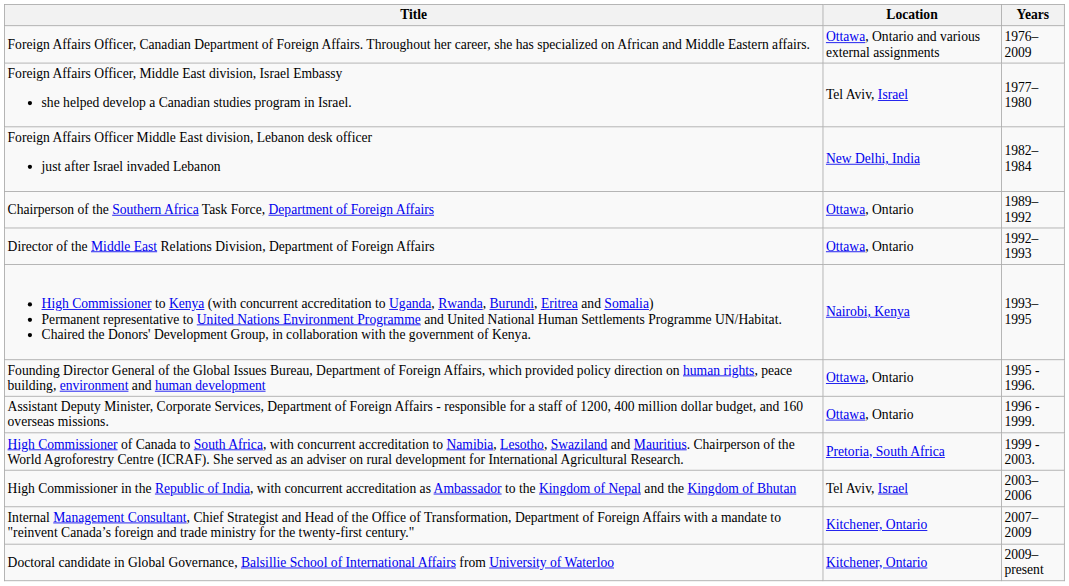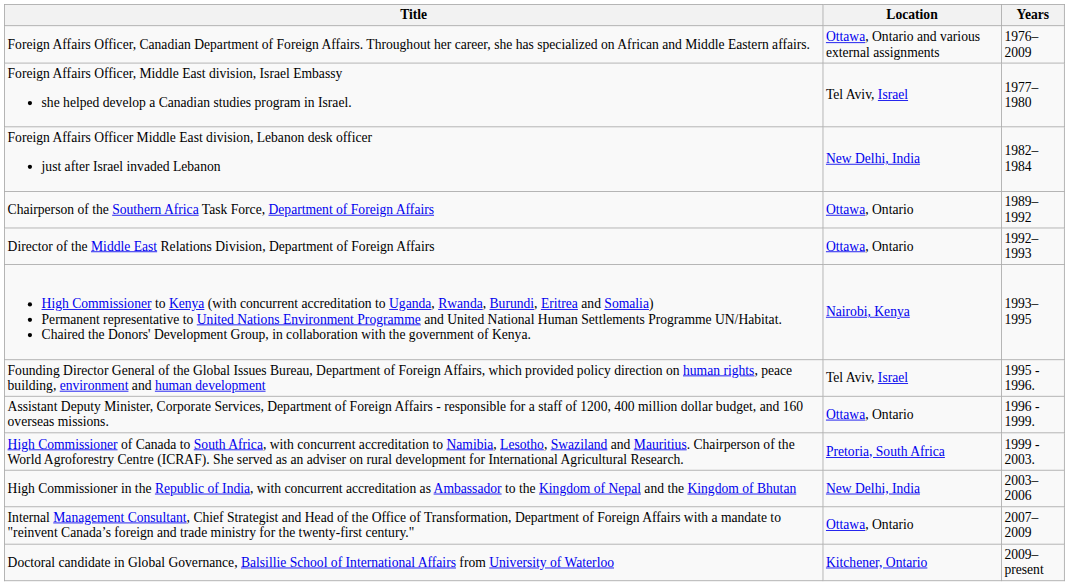 <table class="wikitable">
 <tr>
 <th>Title</th>
 <th>Location</th>
 <th>Years</th>
 </tr>
 <tr>
 <td>Foreign Affairs Officer, Canadian Department of Foreign Affairs. Throughout her career, she has specialized on African and Middle Eastern affairs.</td>
 <td><a href='#'>Ottawa</a>, Ontario and various external assignments</td>
 <td>1976–2009</td>
 </tr>
 <tr>
 <td>Foreign Affairs Officer, Middle East division, Israel Embassy<br><ul><li>she helped develop a Canadian studies program in Israel.</li></ul></td>
 <td>Tel Aviv, <a href='#'>Israel</a></td>
 <td>1977–1980</td>
 </tr>
 <tr>
 <td>Foreign Affairs Officer Middle East division, Lebanon desk officer<br><ul><li>just after Israel invaded Lebanon</li></ul></td>
 <td><a href='#'>New Delhi, India</a></td>
 <td>1982–1984</td>
 </tr>
 <tr>
 <td>Chairperson of the <a href='#'>Southern Africa</a> Task Force, <a href='#'>Department of Foreign Affairs</a></td>
 <td><a href='#'>Ottawa</a>, Ontario</td>
 <td>1989–1992</td>
 </tr>
 <tr>
 <td>Director of the <a href='#'>Middle East</a> Relations Division, Department of Foreign Affairs</td>
 <td><a href='#'>Ottawa</a>, Ontario</td>
 <td>1992–1993</td>
 </tr>
 <tr>
 <td><br><ul><li><a href='#'>High Commissioner</a> to <a href='#'>Kenya</a> (with concurrent accreditation to <a href='#'>Uganda</a>, <a href='#'>Rwanda</a>, <a href='#'>Burundi</a>, <a href='#'>Eritrea</a> and <a href='#'>Somalia</a>)</li><li>Permanent representative to <a href='#'>United Nations Environment Programme</a> and United National Human Settlements Programme UN/Habitat.</li><li>Chaired the Donors' Development Group, in collaboration with the government of Kenya.</li></ul></td>
 <td><a href='#'>Nairobi, Kenya</a></td>
 <td>1993–1995</td>
 </tr>
 <tr>
 <td>Founding Director General of the Global Issues Bureau, Department of Foreign Affairs, which provided policy direction on <a href='#'>human rights</a>, peace building, <a href='#'>environment</a> and <a href='#'>human development</a></td>
-<td><a href='#'>Ottawa</a>, Ontario</td>
+<td>Tel Aviv, <a href='#'>Israel</a></td>
 <td>1995 - 1996.</td>
 </tr>
 <tr>
 <td>Assistant Deputy Minister, Corporate Services, Department of Foreign Affairs - responsible for a staff of 1200, 400 million dollar budget, and 160 overseas missions.</td>
 <td><a href='#'>Ottawa</a>, Ontario</td>
 <td>1996 - 1999.</td>
 </tr>
 <tr>
 <td><a href='#'>High Commissioner</a> of Canada to <a href='#'>South Africa</a>, with concurrent accreditation to <a href='#'>Namibia</a>, <a href='#'>Lesotho</a>, <a href='#'>Swaziland</a> and <a href='#'>Mauritius</a>. Chairperson of the World Agroforestry Centre (ICRAF). She served as an adviser on rural development for International Agricultural Research.</td>
 <td><a href='#'>Pretoria, South Africa</a></td>
 <td>1999 - 2003.</td>
 </tr>
 <tr>
 <td>High Commissioner in the <a href='#'>Republic of India</a>, with concurrent accreditation as <a href='#'>Ambassador</a> to the <a href='#'>Kingdom of Nepal</a> and the <a href='#'>Kingdom of Bhutan</a></td>
-<td>Tel Aviv, <a href='#'>Israel</a></td>
+<td><a href='#'>New Delhi, India</a></td>
 <td>2003–2006</td>
 </tr>
 <tr>
 <td>Internal <a href='#'>Management Consultant</a>, Chief Strategist and Head of the Office of Transformation, Department of Foreign Affairs with a mandate to "reinvent Canada’s foreign and trade ministry for the twenty-first century."</td>
-<td><a href='#'>Kitchener, Ontario</a></td>
+<td><a href='#'>Ottawa</a>, Ontario</td>
 <td>2007–2009</td>
 </tr>
 <tr>
 <td>Doctoral candidate in Global Governance, <a href='#'>Balsillie School of International Affairs</a> from <a href='#'>University of Waterloo</a></td>
 <td><a href='#'>Kitchener, Ontario</a></td>
 <td>2009–present</td>
 </tr>
 </table>
